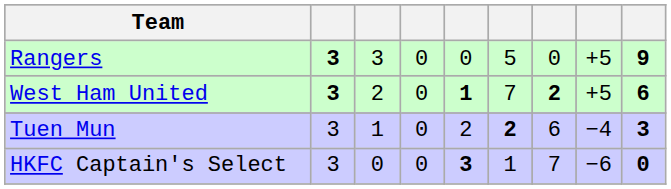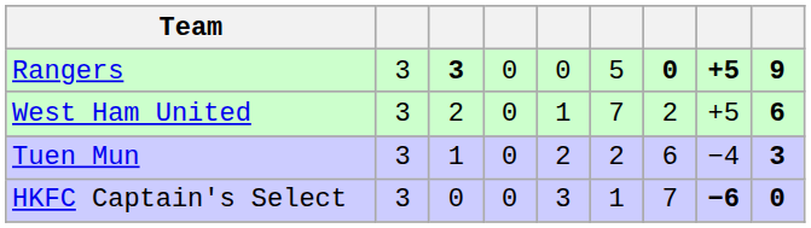 <table class="wikitable" style="text-align:center;">
 <tr>
 <th width=175>Team</th>
 <th width=20></th>
 <th width=20></th>
 <th width=20></th>
 <th width=20></th>
 <th width=20></th>
 <th width=20></th>
 <th width=20></th>
 <th width=20></th>
 </tr>
 <tr bgcolor="#ccffcc">
 <td align="left"><a href='#'>Rangers</a></td>
+<td>3</td>
 <td><strong>3</strong></td>
-<td>3</td>
 <td>0</td>
 <td>0</td>
 <td>5</td>
-<td>0</td>
-<td>+5</td>
+<td><strong>0</strong></td>
+<td><strong>+5</strong></td>
 <td><strong>9</strong></td>
 </tr>
 <tr bgcolor="#ccffcc">
 <td align="left"><a href='#'>West Ham United</a></td>
-<td><strong>3</strong></td>
+<td>3</td>
 <td>2</td>
 <td>0</td>
-<td><strong>1</strong></td>
+<td>1</td>
 <td>7</td>
-<td><strong>2</strong></td>
+<td>2</td>
 <td>+5</td>
 <td><strong>6</strong></td>
 </tr>
 <tr bgcolor="#ccccff">
 <td align="left"><a href='#'>Tuen Mun</a></td>
 <td>3</td>
 <td>1</td>
 <td>0</td>
 <td>2</td>
-<td><strong>2</strong></td>
+<td>2</td>
 <td>6</td>
 <td>−4</td>
 <td><strong>3</strong></td>
 </tr>
 <tr bgcolor="#ccccff">
 <td align="left"><a href='#'>HKFC</a> Captain's Select</td>
 <td>3</td>
 <td>0</td>
 <td>0</td>
-<td><strong>3</strong></td>
+<td>3</td>
 <td>1</td>
 <td>7</td>
-<td>−6</td>
+<td><strong>−6</strong></td>
 <td><strong>0</strong></td>
 </tr>
 </table>
